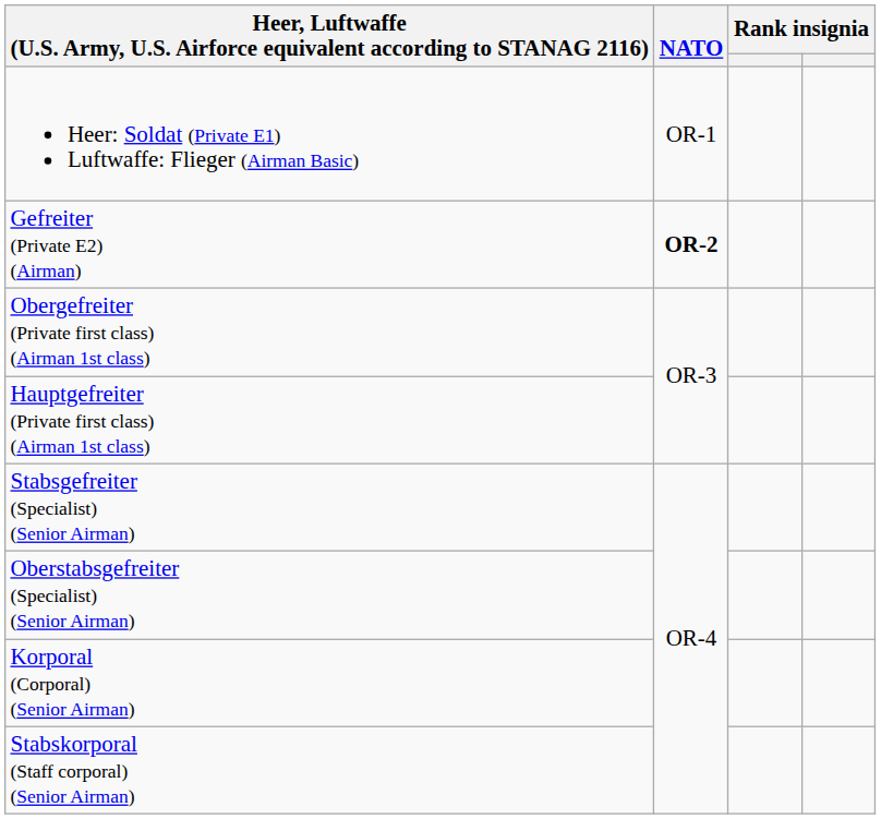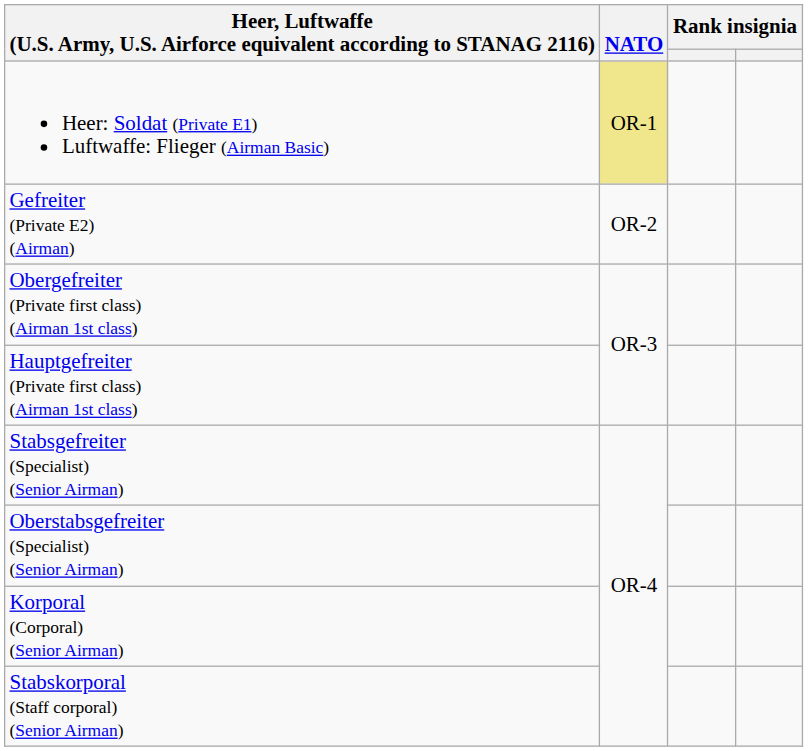 <table class="wikitable">
 <tr>
 <th rowspan="2">Heer, Luftwaffe <br>(U.S. Army, U.S. Airforce equivalent according to STANAG 2116)</th>
 <th rowspan="2"><br><a href='#'>NATO</a></th>
 <th colspan="2">Rank insignia</th>
 </tr>
 <tr>
 <th></th>
 <th></th>
 </tr>
 <tr>
 <td><br><ul><li>Heer: <a href='#'>Soldat</a> <small>(<a href='#'>Private E1</a>)</small></li><li>Luftwaffe: Flieger <small>(<a href='#'>Airman Basic</a>)</small></li></ul></td>
-<td align="center">OR-1</td>
+<td align="center" style="background: khaki;">OR-1</td>
 <td align="center"></td>
 <td align="center"></td>
 </tr>
 <tr>
 <td><a href='#'>Gefreiter</a><br><small>(Private E2) <br> (<a href='#'>Airman</a>) </small></td>
-<td align="center" rowspan="1"><strong>OR-2</strong></td>
+<td align="center" rowspan="1">OR-2</td>
 <td align="center"></td>
 <td align="center"></td>
 </tr>
 <tr>
 <td><a href='#'>Obergefreiter</a><br><small>(Private first class) <br> (<a href='#'>Airman 1st class</a>)</small></td>
 <td align="center" rowspan="2">OR-3</td>
 <td align="center"></td>
 <td align="center"></td>
 </tr>
 <tr>
 <td><a href='#'>Hauptgefreiter</a><br><small>(Private first class) <br> (<a href='#'>Airman 1st class</a>)</small></td>
 <td align="center"></td>
 <td align="center"></td>
 </tr>
 <tr>
 <td><a href='#'>Stabsgefreiter</a><br><small>(Specialist)<br>  (<a href='#'>Senior Airman</a>)</small></td>
 <td align="center" rowspan="4">OR-4</td>
 <td align="center"></td>
 <td align="center"></td>
 </tr>
 <tr>
 <td><a href='#'>Oberstabsgefreiter</a><br><small>(Specialist)<br>  (<a href='#'>Senior Airman</a>)</small></td>
 <td align="center"></td>
 <td align="center"></td>
 </tr>
 <tr>
 <td><a href='#'>Korporal</a><br><small>(Corporal) <br> (<a href='#'>Senior Airman</a>)</small></td>
 <td align="center"></td>
 <td align="center"></td>
 </tr>
 <tr>
 <td><a href='#'>Stabskorporal</a><br><small>(Staff corporal)<br>  (<a href='#'>Senior Airman</a>)</small></td>
 <td align="center"></td>
 <td align="center"></td>
 </tr>
 </table>
